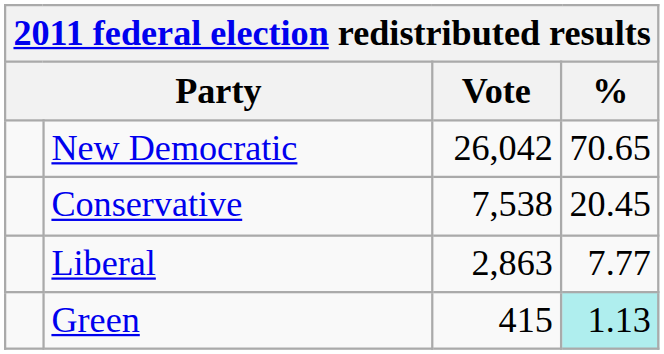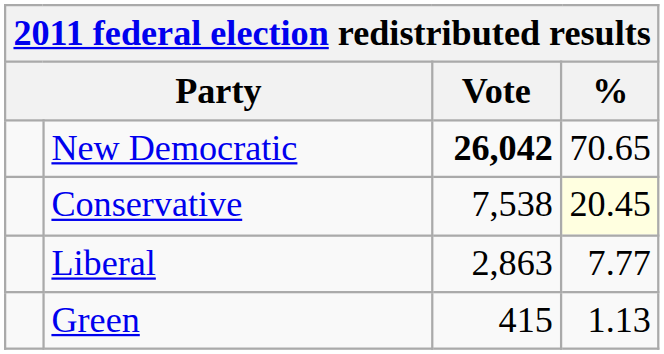 <table class="wikitable">
 <tr>
 <th colspan="4"><a href='#'>2011 federal election</a> redistributed results</th>
 </tr>
 <tr>
 <th bgcolor="#DDDDFF" width="130px" colspan="2">Party</th>
 <th bgcolor="#DDDDFF" width="50px">Vote</th>
 <th bgcolor="#DDDDFF" width="30px">%</th>
 </tr>
 <tr>
 <td> </td>
 <td><a href='#'>New Democratic</a></td>
-<td align=right>26,042</td>
+<td align=right><strong>26,042</strong></td>
 <td align=right>70.65</td>
 </tr>
 <tr>
 <td> </td>
 <td><a href='#'>Conservative</a></td>
 <td align=right>7,538</td>
-<td align=right>20.45</td>
+<td align=right style="background: lightyellow;">20.45</td>
 </tr>
 <tr>
 <td> </td>
 <td><a href='#'>Liberal</a></td>
 <td align=right>2,863</td>
 <td align=right>7.77</td>
 </tr>
 <tr>
 <td> </td>
 <td><a href='#'>Green</a></td>
 <td align=right>415</td>
-<td align=right style="background: paleturquoise;">1.13</td>
+<td align=right>1.13</td>
 </tr>
 </table>
